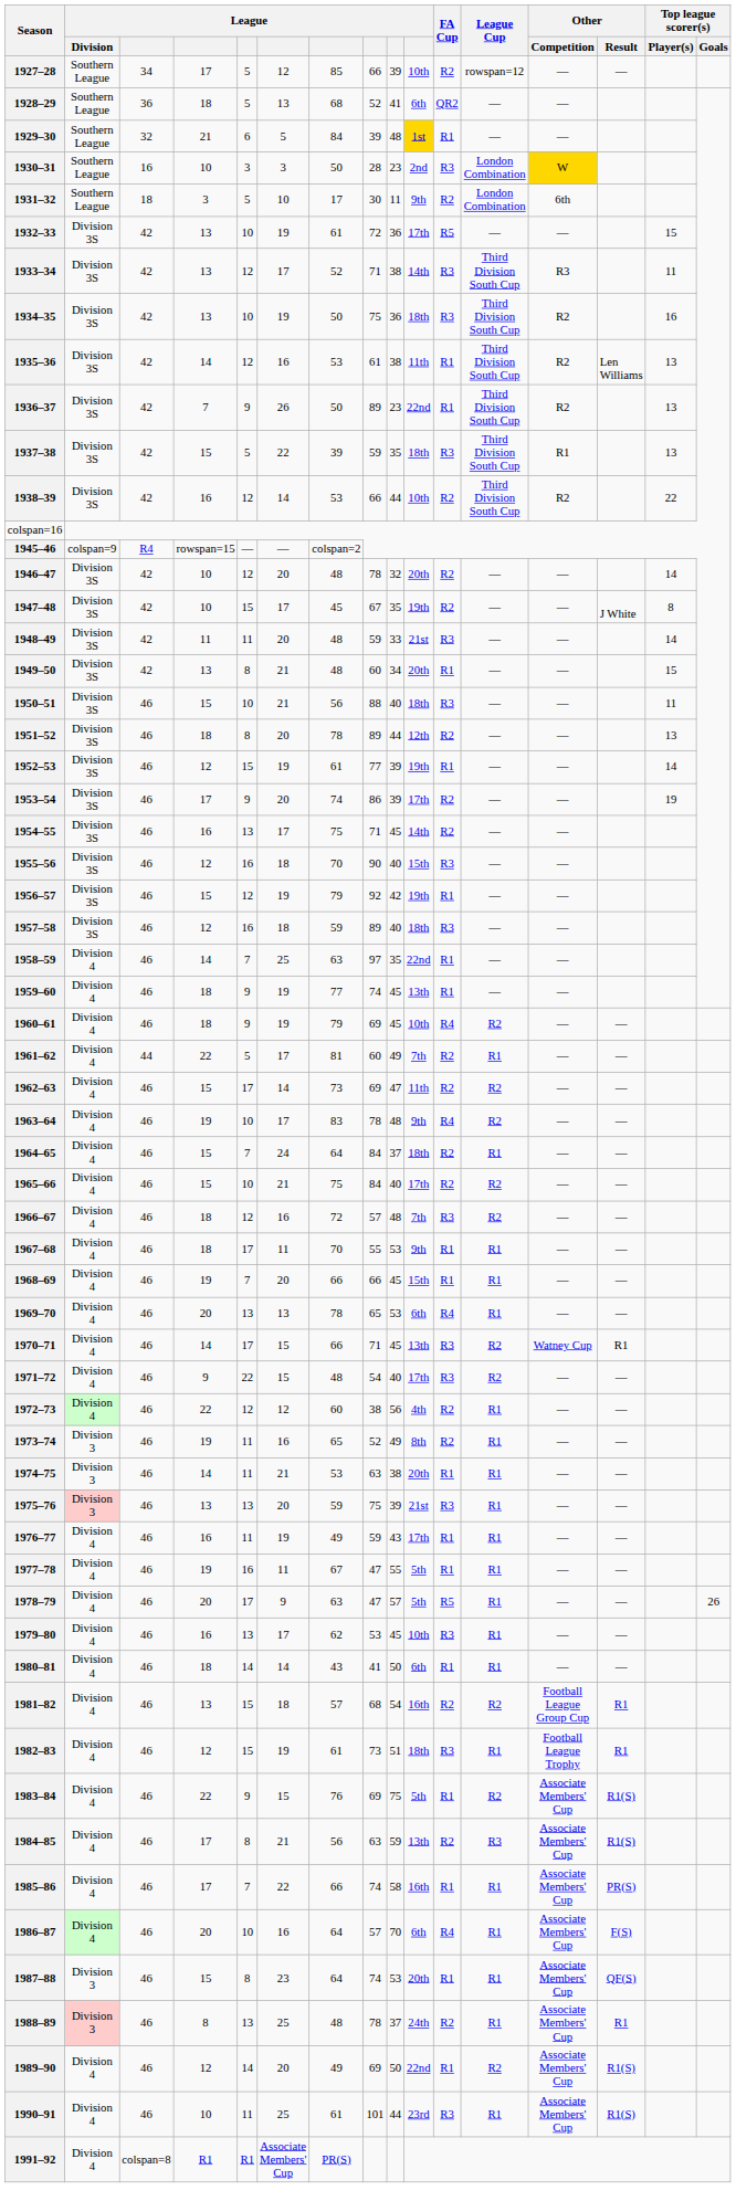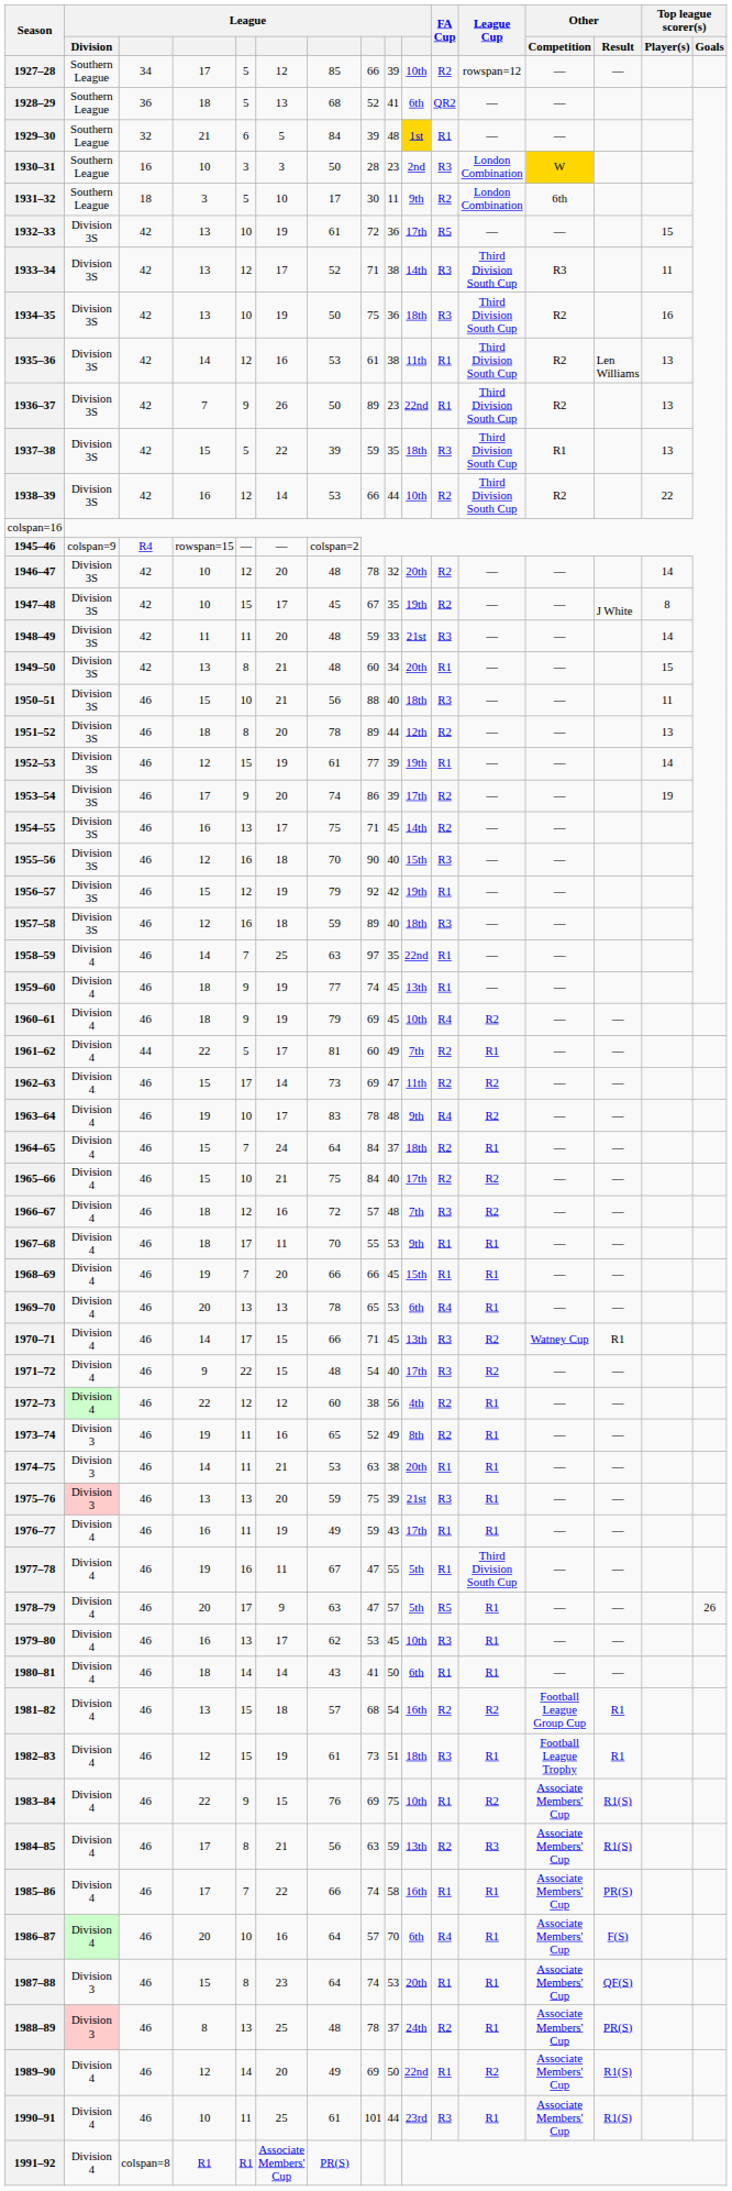 <table class="wikitable plainrowheaders sortable" style="text-align: center">
 <tr>
 <th scope=col rowspan=2>Season</th>
 <th scope=col colspan=9>League</th>
 <th scope=col rowspan=2><a href='#'>FA Cup</a></th>
 <th scope=col rowspan=2><a href='#'>League<br>Cup</a></th>
 <th scope=col colspan=2>Other</th>
 <th scope=col colspan=2>Top league scorer(s)</th>
 </tr>
 <tr>
 <th scope=col>Division</th>
 <th scope=col></th>
 <th scope=col></th>
 <th scope=col></th>
 <th scope=col></th>
 <th scope=col></th>
 <th scope=col></th>
 <th scope=col></th>
 <th scope=col></th>
 <th scope=col>Competition</th>
 <th scope=col>Result</th>
 <th scope=col>Player(s)</th>
 <th scope=col>Goals</th>
 </tr>
 <tr>
 <th scope=row>1927–28</th>
 <td>Southern League</td>
 <td>34</td>
 <td>17</td>
 <td>5</td>
 <td>12</td>
 <td>85</td>
 <td>66</td>
 <td>39</td>
 <td><a href='#'>10th</a></td>
 <td><a href='#'>R2</a></td>
 <td>rowspan=12 </td>
 <td>—</td>
 <td>—</td>
 <td align=left></td>
 <td></td>
 </tr>
 <tr>
 <th scope=row>1928–29</th>
 <td>Southern League</td>
 <td>36</td>
 <td>18</td>
 <td>5</td>
 <td>13</td>
 <td>68</td>
 <td>52</td>
 <td>41</td>
 <td><a href='#'>6th</a></td>
 <td><a href='#'>QR2</a></td>
 <td>—</td>
 <td>—</td>
 <td align=left></td>
 <td></td>
 </tr>
 <tr>
 <th scope=row>1929–30</th>
 <td>Southern League</td>
 <td>32</td>
 <td>21</td>
 <td>6</td>
 <td>5</td>
 <td>84</td>
 <td>39</td>
 <td>48</td>
 <td style=background-color:gold><a href='#'>1st</a></td>
 <td><a href='#'>R1</a></td>
 <td>—</td>
 <td>—</td>
 <td align=left></td>
 <td></td>
 </tr>
 <tr>
 <th scope=row>1930–31</th>
 <td>Southern League</td>
 <td>16</td>
 <td>10</td>
 <td>3</td>
 <td>3</td>
 <td>50</td>
 <td>28</td>
 <td>23</td>
 <td><a href='#'>2nd</a></td>
 <td><a href='#'>R3</a></td>
 <td><a href='#'>London Combination</a></td>
 <td style=background-color:gold>W</td>
 <td align=left></td>
 <td></td>
 </tr>
 <tr>
 <th scope=row>1931–32</th>
 <td>Southern League</td>
 <td>18</td>
 <td>3</td>
 <td>5</td>
 <td>10</td>
 <td>17</td>
 <td>30</td>
 <td>11</td>
 <td><a href='#'>9th</a></td>
 <td><a href='#'>R2</a></td>
 <td><a href='#'>London Combination</a></td>
 <td data-sort-value=PR>6th</td>
 <td align=left></td>
 <td></td>
 </tr>
 <tr>
 <th scope=row>1932–33</th>
 <td>Division 3S</td>
 <td>42</td>
 <td>13</td>
 <td>10</td>
 <td>19</td>
 <td>61</td>
 <td>72</td>
 <td>36</td>
 <td><a href='#'>17th</a></td>
 <td><a href='#'>R5</a></td>
 <td>—</td>
 <td>—</td>
 <td align=left></td>
 <td>15</td>
 </tr>
 <tr>
 <th scope=row>1933–34</th>
 <td>Division 3S</td>
 <td>42</td>
 <td>13</td>
 <td>12</td>
 <td>17</td>
 <td>52</td>
 <td>71</td>
 <td>38</td>
 <td><a href='#'>14th</a></td>
 <td><a href='#'>R3</a></td>
 <td><a href='#'>Third Division South Cup</a></td>
 <td>R3</td>
 <td align=left></td>
 <td>11</td>
 </tr>
 <tr>
 <th scope=row>1934–35</th>
 <td>Division 3S</td>
 <td>42</td>
 <td>13</td>
 <td>10</td>
 <td>19</td>
 <td>50</td>
 <td>75</td>
 <td>36</td>
 <td><a href='#'>18th</a></td>
 <td><a href='#'>R3</a></td>
 <td><a href='#'>Third Division South Cup</a></td>
 <td>R2</td>
 <td align=left></td>
 <td>16</td>
 </tr>
 <tr>
 <th scope=row>1935–36</th>
 <td>Division 3S</td>
 <td>42</td>
 <td>14</td>
 <td>12</td>
 <td>16</td>
 <td>53</td>
 <td>61</td>
 <td>38</td>
 <td><a href='#'>11th</a></td>
 <td><a href='#'>R1</a></td>
 <td><a href='#'>Third Division South Cup</a></td>
 <td>R2</td>
 <td align=left><br>Len Williams</td>
 <td>13</td>
 </tr>
 <tr>
 <th scope=row>1936–37</th>
 <td>Division 3S</td>
 <td>42</td>
 <td>7</td>
 <td>9</td>
 <td>26</td>
 <td>50</td>
 <td>89</td>
 <td>23</td>
 <td><a href='#'>22nd</a></td>
 <td><a href='#'>R1</a></td>
 <td><a href='#'>Third Division South Cup</a></td>
 <td>R2</td>
 <td align=left></td>
 <td>13</td>
 </tr>
 <tr>
 <th scope=row>1937–38</th>
 <td>Division 3S</td>
 <td>42</td>
 <td>15</td>
 <td>5</td>
 <td>22</td>
 <td>39</td>
 <td>59</td>
 <td>35</td>
 <td><a href='#'>18th</a></td>
 <td><a href='#'>R3</a></td>
 <td><a href='#'>Third Division South Cup</a></td>
 <td>R1</td>
 <td align=left></td>
 <td>13</td>
 </tr>
 <tr>
 <th scope=row>1938–39</th>
 <td>Division 3S</td>
 <td>42</td>
 <td>16</td>
 <td>12</td>
 <td>14</td>
 <td>53</td>
 <td>66</td>
 <td>44</td>
 <td><a href='#'>10th</a></td>
 <td><a href='#'>R2</a></td>
 <td><a href='#'>Third Division South Cup</a></td>
 <td>R2</td>
 <td align=left></td>
 <td>22</td>
 </tr>
 <tr>
 <td>colspan=16 </td>
 </tr>
 <tr>
 <th scope=row>1945–46</th>
 <td>colspan=9 </td>
 <td><a href='#'>R4</a></td>
 <td>rowspan=15 </td>
 <td>—</td>
 <td>—</td>
 <td>colspan=2 </td>
 </tr>
 <tr>
 <th scope=row>1946–47</th>
 <td>Division 3S</td>
 <td>42</td>
 <td>10</td>
 <td>12</td>
 <td>20</td>
 <td>48</td>
 <td>78</td>
 <td>32</td>
 <td><a href='#'>20th</a></td>
 <td><a href='#'>R2</a></td>
 <td>—</td>
 <td>—</td>
 <td align=left></td>
 <td>14</td>
 </tr>
 <tr>
 <th scope=row>1947–48</th>
 <td>Division 3S</td>
 <td>42</td>
 <td>10</td>
 <td>15</td>
 <td>17</td>
 <td>45</td>
 <td>67</td>
 <td>35</td>
 <td><a href='#'>19th</a></td>
 <td><a href='#'>R2</a></td>
 <td>—</td>
 <td>—</td>
 <td align=left><br>J White</td>
 <td>8</td>
 </tr>
 <tr>
 <th scope=row>1948–49</th>
 <td>Division 3S</td>
 <td>42</td>
 <td>11</td>
 <td>11</td>
 <td>20</td>
 <td>48</td>
 <td>59</td>
 <td>33</td>
 <td><a href='#'>21st</a></td>
 <td><a href='#'>R3</a></td>
 <td>—</td>
 <td>—</td>
 <td align=left></td>
 <td>14</td>
 </tr>
 <tr>
 <th scope=row>1949–50</th>
 <td>Division 3S</td>
 <td>42</td>
 <td>13</td>
 <td>8</td>
 <td>21</td>
 <td>48</td>
 <td>60</td>
 <td>34</td>
 <td><a href='#'>20th</a></td>
 <td><a href='#'>R1</a></td>
 <td>—</td>
 <td>—</td>
 <td align=left></td>
 <td>15</td>
 </tr>
 <tr>
 <th scope=row>1950–51</th>
 <td>Division 3S</td>
 <td>46</td>
 <td>15</td>
 <td>10</td>
 <td>21</td>
 <td>56</td>
 <td>88</td>
 <td>40</td>
 <td><a href='#'>18th</a></td>
 <td><a href='#'>R3</a></td>
 <td>—</td>
 <td>—</td>
 <td align=left></td>
 <td>11</td>
 </tr>
 <tr>
 <th scope=row>1951–52</th>
 <td>Division 3S</td>
 <td>46</td>
 <td>18</td>
 <td>8</td>
 <td>20</td>
 <td>78</td>
 <td>89</td>
 <td>44</td>
 <td><a href='#'>12th</a></td>
 <td><a href='#'>R2</a></td>
 <td>—</td>
 <td>—</td>
 <td align=left></td>
 <td>13</td>
 </tr>
 <tr>
 <th scope=row>1952–53</th>
 <td>Division 3S</td>
 <td>46</td>
 <td>12</td>
 <td>15</td>
 <td>19</td>
 <td>61</td>
 <td>77</td>
 <td>39</td>
 <td><a href='#'>19th</a></td>
 <td><a href='#'>R1</a></td>
 <td>—</td>
 <td>—</td>
 <td align=left></td>
 <td>14</td>
 </tr>
 <tr>
 <th scope=row>1953–54</th>
 <td>Division 3S</td>
 <td>46</td>
 <td>17</td>
 <td>9</td>
 <td>20</td>
 <td>74</td>
 <td>86</td>
 <td>39</td>
 <td><a href='#'>17th</a></td>
 <td><a href='#'>R2</a></td>
 <td>—</td>
 <td>—</td>
 <td align=left></td>
 <td>19</td>
 </tr>
 <tr>
 <th scope=row>1954–55</th>
 <td>Division 3S</td>
 <td>46</td>
 <td>16</td>
 <td>13</td>
 <td>17</td>
 <td>75</td>
 <td>71</td>
 <td>45</td>
 <td><a href='#'>14th</a></td>
 <td><a href='#'>R2</a></td>
 <td>—</td>
 <td>—</td>
 <td align=left></td>
 <td></td>
 </tr>
 <tr>
 <th scope=row>1955–56</th>
 <td>Division 3S</td>
 <td>46</td>
 <td>12</td>
 <td>16</td>
 <td>18</td>
 <td>70</td>
 <td>90</td>
 <td>40</td>
 <td><a href='#'>15th</a></td>
 <td><a href='#'>R3</a></td>
 <td>—</td>
 <td>—</td>
 <td align=left></td>
 <td></td>
 </tr>
 <tr>
 <th scope=row>1956–57</th>
 <td>Division 3S</td>
 <td>46</td>
 <td>15</td>
 <td>12</td>
 <td>19</td>
 <td>79</td>
 <td>92</td>
 <td>42</td>
 <td><a href='#'>19th</a></td>
 <td><a href='#'>R1</a></td>
 <td>—</td>
 <td>—</td>
 <td align=left></td>
 <td></td>
 </tr>
 <tr>
 <th scope=row>1957–58</th>
 <td>Division 3S</td>
 <td>46</td>
 <td>12</td>
 <td>16</td>
 <td>18</td>
 <td>59</td>
 <td>89</td>
 <td>40</td>
 <td><a href='#'>18th</a></td>
 <td><a href='#'>R3</a></td>
 <td>—</td>
 <td>—</td>
 <td align=left></td>
 <td></td>
 </tr>
 <tr>
 <th scope=row>1958–59</th>
 <td>Division 4</td>
 <td>46</td>
 <td>14</td>
 <td>7</td>
 <td>25</td>
 <td>63</td>
 <td>97</td>
 <td>35</td>
 <td><a href='#'>22nd</a></td>
 <td><a href='#'>R1</a></td>
 <td>—</td>
 <td>—</td>
 <td align=left></td>
 <td></td>
 </tr>
 <tr>
 <th scope=row>1959–60</th>
 <td>Division 4</td>
 <td>46</td>
 <td>18</td>
 <td>9</td>
 <td>19</td>
 <td>77</td>
 <td>74</td>
 <td>45</td>
 <td><a href='#'>13th</a></td>
 <td><a href='#'>R1</a></td>
 <td>—</td>
 <td>—</td>
 <td align=left></td>
 <td></td>
 </tr>
 <tr>
 <th scope=row>1960–61</th>
 <td>Division 4</td>
 <td>46</td>
 <td>18</td>
 <td>9</td>
 <td>19</td>
 <td>79</td>
 <td>69</td>
 <td>45</td>
 <td><a href='#'>10th</a></td>
 <td><a href='#'>R4</a></td>
 <td><a href='#'>R2</a></td>
 <td>—</td>
 <td>—</td>
 <td align=left></td>
 <td></td>
 </tr>
 <tr>
 <th scope=row>1961–62</th>
 <td>Division 4</td>
 <td>44</td>
 <td>22</td>
 <td>5</td>
 <td>17</td>
 <td>81</td>
 <td>60</td>
 <td>49</td>
 <td><a href='#'>7th</a></td>
 <td><a href='#'>R2</a></td>
 <td><a href='#'>R1</a></td>
 <td>—</td>
 <td>—</td>
 <td align=left></td>
 <td></td>
 </tr>
 <tr>
 <th scope=row>1962–63</th>
 <td>Division 4</td>
 <td>46</td>
 <td>15</td>
 <td>17</td>
 <td>14</td>
 <td>73</td>
 <td>69</td>
 <td>47</td>
 <td><a href='#'>11th</a></td>
 <td><a href='#'>R2</a></td>
 <td><a href='#'>R2</a></td>
 <td>—</td>
 <td>—</td>
 <td align=left></td>
 <td></td>
 </tr>
 <tr>
 <th scope=row>1963–64</th>
 <td>Division 4</td>
 <td>46</td>
 <td>19</td>
 <td>10</td>
 <td>17</td>
 <td>83</td>
 <td>78</td>
 <td>48</td>
 <td><a href='#'>9th</a></td>
 <td><a href='#'>R4</a></td>
 <td><a href='#'>R2</a></td>
 <td>—</td>
 <td>—</td>
 <td align=left></td>
 <td></td>
 </tr>
 <tr>
 <th scope=row>1964–65</th>
 <td>Division 4</td>
 <td>46</td>
 <td>15</td>
 <td>7</td>
 <td>24</td>
 <td>64</td>
 <td>84</td>
 <td>37</td>
 <td><a href='#'>18th</a></td>
 <td><a href='#'>R2</a></td>
 <td><a href='#'>R1</a></td>
 <td>—</td>
 <td>—</td>
 <td align=left></td>
 <td></td>
 </tr>
 <tr>
 <th scope=row>1965–66</th>
 <td>Division 4</td>
 <td>46</td>
 <td>15</td>
 <td>10</td>
 <td>21</td>
 <td>75</td>
 <td>84</td>
 <td>40</td>
 <td><a href='#'>17th</a></td>
 <td><a href='#'>R2</a></td>
 <td><a href='#'>R2</a></td>
 <td>—</td>
 <td>—</td>
 <td align=left></td>
 <td></td>
 </tr>
 <tr>
 <th scope=row>1966–67</th>
 <td>Division 4</td>
 <td>46</td>
 <td>18</td>
 <td>12</td>
 <td>16</td>
 <td>72</td>
 <td>57</td>
 <td>48</td>
 <td><a href='#'>7th</a></td>
 <td><a href='#'>R3</a></td>
 <td><a href='#'>R2</a></td>
 <td>—</td>
 <td>—</td>
 <td align=left></td>
 <td></td>
 </tr>
 <tr>
 <th scope=row>1967–68</th>
 <td>Division 4</td>
 <td>46</td>
 <td>18</td>
 <td>17</td>
 <td>11</td>
 <td>70</td>
 <td>55</td>
 <td>53</td>
 <td><a href='#'>9th</a></td>
 <td><a href='#'>R1</a></td>
 <td><a href='#'>R1</a></td>
 <td>—</td>
 <td>—</td>
 <td align=left></td>
 <td></td>
 </tr>
 <tr>
 <th scope=row>1968–69</th>
 <td>Division 4</td>
 <td>46</td>
 <td>19</td>
 <td>7</td>
 <td>20</td>
 <td>66</td>
 <td>66</td>
 <td>45</td>
 <td><a href='#'>15th</a></td>
 <td><a href='#'>R1</a></td>
 <td><a href='#'>R1</a></td>
 <td>—</td>
 <td>—</td>
 <td align=left></td>
 <td></td>
 </tr>
 <tr>
 <th scope=row>1969–70</th>
 <td>Division 4</td>
 <td>46</td>
 <td>20</td>
 <td>13</td>
 <td>13</td>
 <td>78</td>
 <td>65</td>
 <td>53</td>
 <td><a href='#'>6th</a></td>
 <td><a href='#'>R4</a></td>
 <td><a href='#'>R1</a></td>
 <td>—</td>
 <td>—</td>
 <td align=left></td>
 <td></td>
 </tr>
 <tr>
 <th scope=row>1970–71</th>
 <td>Division 4</td>
 <td>46</td>
 <td>14</td>
 <td>17</td>
 <td>15</td>
 <td>66</td>
 <td>71</td>
 <td>45</td>
 <td><a href='#'>13th</a></td>
 <td><a href='#'>R3</a></td>
 <td><a href='#'>R2</a></td>
 <td><a href='#'>Watney Cup</a></td>
 <td>R1</td>
 <td align=left></td>
 <td></td>
 </tr>
 <tr>
 <th scope=row>1971–72</th>
 <td>Division 4</td>
 <td>46</td>
 <td>9</td>
 <td>22</td>
 <td>15</td>
 <td>48</td>
 <td>54</td>
 <td>40</td>
 <td><a href='#'>17th</a></td>
 <td><a href='#'>R3</a></td>
 <td><a href='#'>R2</a></td>
 <td>—</td>
 <td>—</td>
 <td align=left></td>
 <td></td>
 </tr>
 <tr>
 <th scope=row>1972–73</th>
 <td style=background-color:#cfc>Division 4 </td>
 <td>46</td>
 <td>22</td>
 <td>12</td>
 <td>12</td>
 <td>60</td>
 <td>38</td>
 <td>56</td>
 <td><a href='#'>4th</a></td>
 <td><a href='#'>R2</a></td>
 <td><a href='#'>R1</a></td>
 <td>—</td>
 <td>—</td>
 <td align=left></td>
 <td></td>
 </tr>
 <tr>
 <th scope=row>1973–74</th>
 <td>Division 3</td>
 <td>46</td>
 <td>19</td>
 <td>11</td>
 <td>16</td>
 <td>65</td>
 <td>52</td>
 <td>49</td>
 <td><a href='#'>8th</a></td>
 <td><a href='#'>R2</a></td>
 <td><a href='#'>R1</a></td>
 <td>—</td>
 <td>—</td>
 <td align=left></td>
 <td></td>
 </tr>
 <tr>
 <th scope=row>1974–75</th>
 <td>Division 3</td>
 <td>46</td>
 <td>14</td>
 <td>11</td>
 <td>21</td>
 <td>53</td>
 <td>63</td>
 <td>38</td>
 <td><a href='#'>20th</a></td>
 <td><a href='#'>R1</a></td>
 <td><a href='#'>R1</a></td>
 <td>—</td>
 <td>—</td>
 <td align=left></td>
 <td></td>
 </tr>
 <tr>
 <th scope=row>1975–76</th>
 <td style=background-color:#fcc>Division 3 </td>
 <td>46</td>
 <td>13</td>
 <td>13</td>
 <td>20</td>
 <td>59</td>
 <td>75</td>
 <td>39</td>
 <td><a href='#'>21st</a></td>
 <td><a href='#'>R3</a></td>
 <td><a href='#'>R1</a></td>
 <td>—</td>
 <td>—</td>
 <td align=left></td>
 <td></td>
 </tr>
 <tr>
 <th scope=row>1976–77</th>
 <td>Division 4</td>
 <td>46</td>
 <td>16</td>
 <td>11</td>
 <td>19</td>
 <td>49</td>
 <td>59</td>
 <td>43</td>
 <td><a href='#'>17th</a></td>
 <td><a href='#'>R1</a></td>
 <td><a href='#'>R1</a></td>
 <td>—</td>
 <td>—</td>
 <td align=left></td>
 <td></td>
 </tr>
 <tr>
 <th scope=row>1977–78</th>
 <td>Division 4</td>
 <td>46</td>
 <td>19</td>
 <td>16</td>
 <td>11</td>
 <td>67</td>
 <td>47</td>
 <td>55</td>
 <td><a href='#'>5th</a></td>
 <td><a href='#'>R1</a></td>
-<td><a href='#'>R1</a></td>
+<td><a href='#'>Third Division South Cup</a></td>
 <td>—</td>
 <td>—</td>
 <td align=left></td>
 <td></td>
 </tr>
 <tr>
 <th scope=row>1978–79</th>
 <td>Division 4</td>
 <td>46</td>
 <td>20</td>
 <td>17</td>
 <td>9</td>
 <td>63</td>
 <td>47</td>
 <td>57</td>
 <td><a href='#'>5th</a></td>
 <td><a href='#'>R5</a></td>
 <td><a href='#'>R1</a></td>
 <td>—</td>
 <td>—</td>
 <td align=left></td>
 <td>26</td>
 </tr>
 <tr>
 <th scope=row>1979–80</th>
 <td>Division 4</td>
 <td>46</td>
 <td>16</td>
 <td>13</td>
 <td>17</td>
 <td>62</td>
 <td>53</td>
 <td>45</td>
 <td><a href='#'>10th</a></td>
 <td><a href='#'>R3</a></td>
 <td><a href='#'>R1</a></td>
 <td>—</td>
 <td>—</td>
 <td align=left></td>
 <td></td>
 </tr>
 <tr>
 <th scope=row>1980–81</th>
 <td>Division 4</td>
 <td>46</td>
 <td>18</td>
 <td>14</td>
 <td>14</td>
 <td>43</td>
 <td>41</td>
 <td>50</td>
 <td><a href='#'>6th</a></td>
 <td><a href='#'>R1</a></td>
 <td><a href='#'>R1</a></td>
 <td>—</td>
 <td>—</td>
 <td align=left></td>
 <td></td>
 </tr>
 <tr>
 <th scope=row>1981–82</th>
 <td>Division 4</td>
 <td>46</td>
 <td>13</td>
 <td>15</td>
 <td>18</td>
 <td>57</td>
 <td>68</td>
 <td>54</td>
 <td><a href='#'>16th</a></td>
 <td><a href='#'>R2</a></td>
 <td><a href='#'>R2</a></td>
 <td><a href='#'>Football League Group Cup</a></td>
 <td><a href='#'>R1</a></td>
 <td align=left></td>
 <td></td>
 </tr>
 <tr>
 <th scope=row>1982–83</th>
 <td>Division 4</td>
 <td>46</td>
 <td>12</td>
 <td>15</td>
 <td>19</td>
 <td>61</td>
 <td>73</td>
 <td>51</td>
 <td><a href='#'>18th</a></td>
 <td><a href='#'>R3</a></td>
 <td><a href='#'>R1</a></td>
 <td><a href='#'>Football League Trophy</a></td>
 <td><a href='#'>R1</a></td>
 <td align=left></td>
 <td></td>
 </tr>
 <tr>
 <th scope=row>1983–84</th>
 <td>Division 4</td>
 <td>46</td>
 <td>22</td>
 <td>9</td>
 <td>15</td>
 <td>76</td>
 <td>69</td>
 <td>75</td>
-<td><a href='#'>5th</a></td>
+<td><a href='#'>10th</a></td>
 <td><a href='#'>R1</a></td>
 <td><a href='#'>R2</a></td>
 <td><a href='#'>Associate Members' Cup</a></td>
 <td><a href='#'>R1(S)</a></td>
 <td align=left></td>
 <td></td>
 </tr>
 <tr>
 <th scope=row>1984–85</th>
 <td>Division 4</td>
 <td>46</td>
 <td>17</td>
 <td>8</td>
 <td>21</td>
 <td>56</td>
 <td>63</td>
 <td>59</td>
 <td><a href='#'>13th</a></td>
 <td><a href='#'>R2</a></td>
 <td><a href='#'>R3</a></td>
 <td><a href='#'>Associate Members' Cup</a></td>
 <td><a href='#'>R1(S)</a></td>
 <td align=left></td>
 <td></td>
 </tr>
 <tr>
 <th scope=row>1985–86</th>
 <td>Division 4</td>
 <td>46</td>
 <td>17</td>
 <td>7</td>
 <td>22</td>
 <td>66</td>
 <td>74</td>
 <td>58</td>
 <td><a href='#'>16th</a></td>
 <td><a href='#'>R1</a></td>
 <td><a href='#'>R1</a></td>
 <td><a href='#'>Associate Members' Cup</a></td>
 <td><a href='#'>PR(S)</a></td>
 <td align=left></td>
 <td></td>
 </tr>
 <tr>
 <th scope=row>1986–87</th>
 <td style=background-color:#cfc>Division 4 </td>
 <td>46</td>
 <td>20</td>
 <td>10</td>
 <td>16</td>
 <td>64</td>
 <td>57</td>
 <td>70</td>
 <td><a href='#'>6th</a></td>
 <td><a href='#'>R4</a></td>
 <td><a href='#'>R1</a></td>
 <td><a href='#'>Associate Members' Cup</a></td>
 <td data-sort-value=R7><a href='#'>F(S)</a></td>
 <td align=left></td>
 <td></td>
 </tr>
 <tr>
 <th scope=row>1987–88</th>
 <td>Division 3</td>
 <td>46</td>
 <td>15</td>
 <td>8</td>
 <td>23</td>
 <td>64</td>
 <td>74</td>
 <td>53</td>
 <td><a href='#'>20th</a></td>
 <td><a href='#'>R1</a></td>
 <td><a href='#'>R1</a></td>
 <td><a href='#'>Associate Members' Cup</a></td>
 <td data-sort-value=R6><a href='#'>QF(S)</a></td>
 <td align=left></td>
 <td></td>
 </tr>
 <tr>
 <th scope=row>1988–89</th>
 <td style=background-color:#fcc>Division 3 </td>
 <td>46</td>
 <td>8</td>
 <td>13</td>
 <td>25</td>
 <td>48</td>
 <td>78</td>
 <td>37</td>
 <td><a href='#'>24th</a></td>
 <td><a href='#'>R2</a></td>
 <td><a href='#'>R1</a></td>
 <td><a href='#'>Associate Members' Cup</a></td>
-<td><a href='#'>R1</a></td>
+<td><a href='#'>PR(S)</a></td>
 <td align=left></td>
 <td></td>
 </tr>
 <tr>
 <th scope=row>1989–90</th>
 <td>Division 4</td>
 <td>46</td>
 <td>12</td>
 <td>14</td>
 <td>20</td>
 <td>49</td>
 <td>69</td>
 <td>50</td>
 <td><a href='#'>22nd</a></td>
 <td><a href='#'>R1</a></td>
 <td><a href='#'>R2</a></td>
 <td><a href='#'>Associate Members' Cup</a></td>
 <td><a href='#'>R1(S)</a></td>
 <td align=left></td>
 <td></td>
 </tr>
 <tr>
 <th scope=row>1990–91</th>
 <td>Division 4</td>
 <td>46</td>
 <td>10</td>
 <td>11</td>
 <td>25</td>
 <td>61</td>
 <td>101</td>
 <td>44</td>
 <td><a href='#'>23rd</a></td>
 <td><a href='#'>R3</a></td>
 <td><a href='#'>R1</a></td>
 <td><a href='#'>Associate Members' Cup</a></td>
 <td><a href='#'>R1(S)</a></td>
 <td align=left></td>
 <td></td>
 </tr>
 <tr>
 <th scope=row>1991–92</th>
 <td>Division 4</td>
 <td>colspan=8 </td>
 <td><a href='#'>R1</a></td>
 <td><a href='#'>R1</a></td>
 <td><a href='#'>Associate Members' Cup</a></td>
 <td><a href='#'>PR(S)</a></td>
 <td align=left></td>
 <td></td>
 </tr>
 </table>
